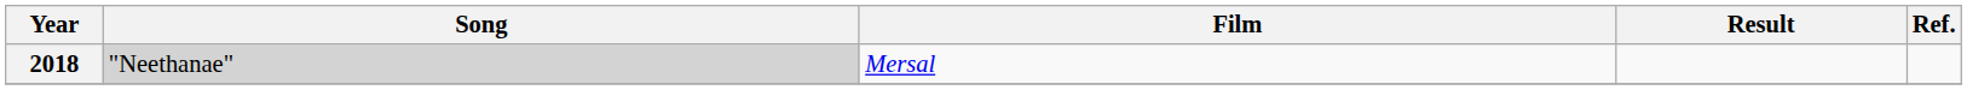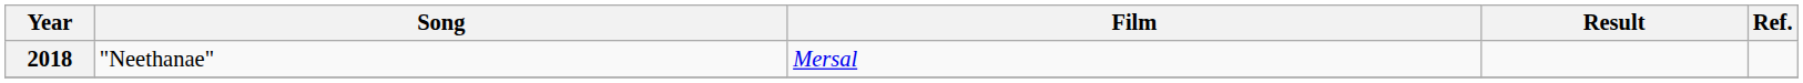 <table class="wikitable plainrowheaders" width="100%" textcolor:#000;">
 <tr>
 <th scope="col" width=5%><strong>Year</strong></th>
 <th scope="col" width=39%><strong>Song</strong></th>
 <th scope="col" width=39%><strong>Film</strong></th>
 <th scope="col" width=15%><strong>Result</strong></th>
 <th scope="col" width=2%><strong>Ref.</strong></th>
 </tr>
 <tr>
 <th scope="row">2018</th>
-<td style="background: lightgrey;">"Neethanae"</td>
+<td>"Neethanae"</td>
 <td><a href='#'><em>Mersal</em></a></td>
 <td></td>
 <td></td>
 </tr>
 <tr>
 </tr>
 </table>
